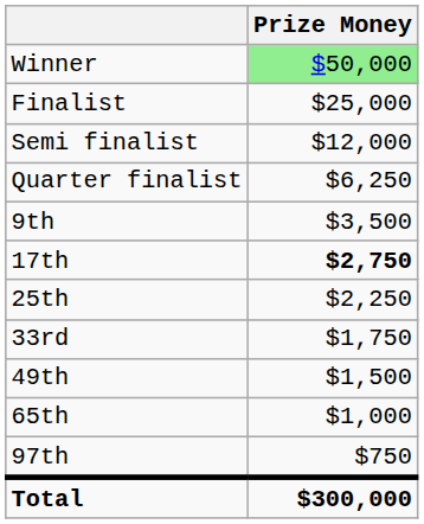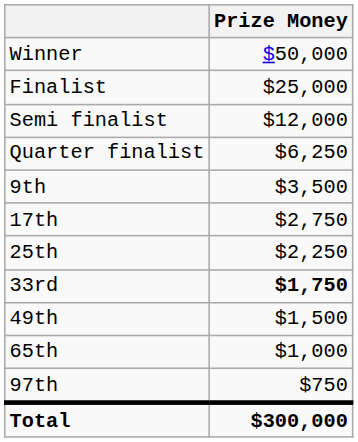 <table class="wikitable sortable">
 <tr>
 <th></th>
 <th>Prize Money</th>
 </tr>
 <tr>
 <td>Winner</td>
-<td style="background: lightgreen; text-align:right"><a href='#'>$</a>50,000</td>
+<td style="text-align:right"><a href='#'>$</a>50,000</td>
 </tr>
 <tr>
 <td>Finalist</td>
 <td style="text-align:right">$25,000</td>
 </tr>
 <tr>
 <td>Semi finalist</td>
 <td style="text-align:right">$12,000</td>
 </tr>
 <tr>
 <td>Quarter finalist</td>
 <td style="text-align:right">$6,250</td>
 </tr>
 <tr>
 <td>9th</td>
 <td style="text-align:right">$3,500</td>
 </tr>
 <tr>
 <td>17th</td>
-<td style="text-align:right"><strong>$2,750</strong></td>
+<td style="text-align:right">$2,750</td>
 </tr>
 <tr>
 <td>25th</td>
 <td style="text-align:right">$2,250</td>
 </tr>
 <tr>
 <td>33rd</td>
-<td style="text-align:right">$1,750</td>
+<td style="text-align:right"><strong>$1,750</strong></td>
 </tr>
 <tr>
 <td>49th</td>
 <td style="text-align:right">$1,500</td>
 </tr>
 <tr>
 <td>65th</td>
 <td style="text-align:right">$1,000</td>
 </tr>
 <tr>
 <td>97th</td>
 <td style="text-align:right">$750</td>
 </tr>
 <tr>
 <td style="border-top:medium solid"><strong>Total</strong></td>
 <td style="border-top:medium solid; text-align:right"><strong>$300,000</strong></td>
 </tr>
 </table>
